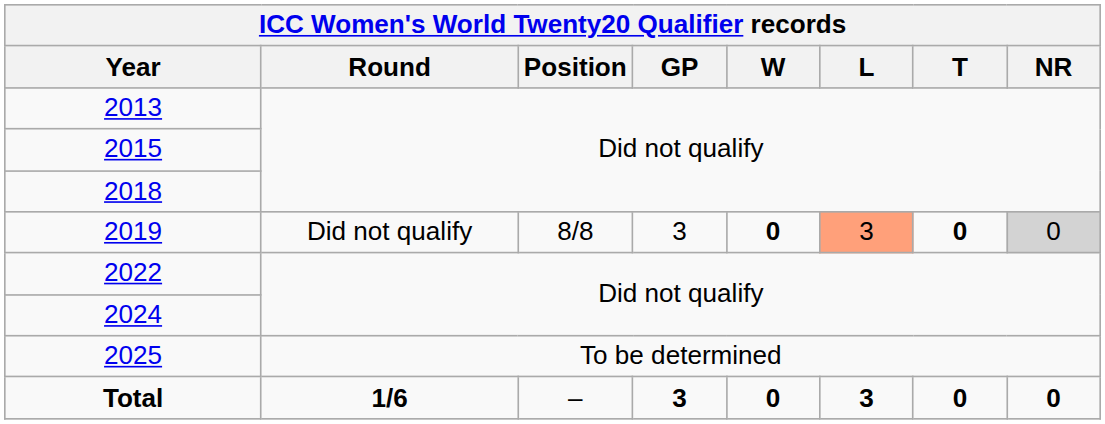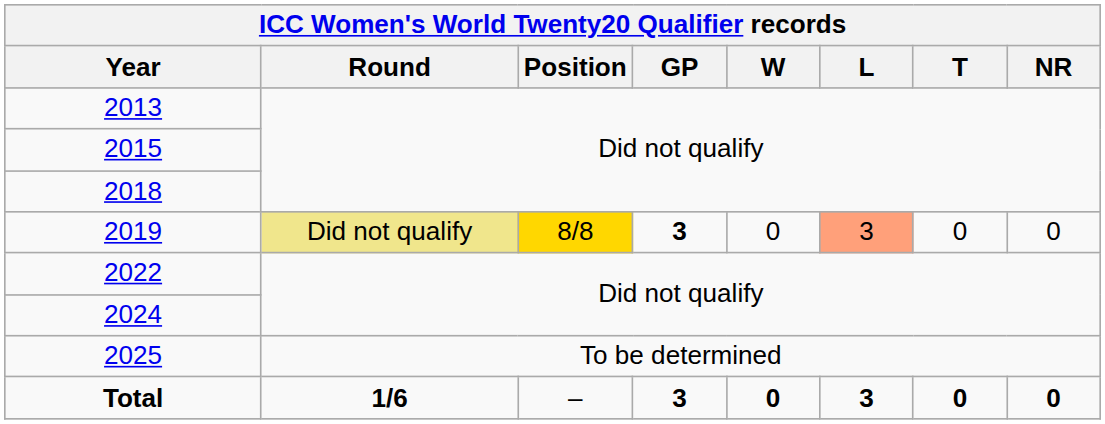 <table class="wikitable" style="text-align: center; width=900px;">
 <tr>
 <th colspan=9><a href='#'>ICC Women's World Twenty20 Qualifier</a> records</th>
 </tr>
 <tr>
 <th width=150>Year</th>
 <th width=150>Round</th>
 <th width=50>Position</th>
 <th width=50>GP</th>
 <th width=50>W</th>
 <th width=50>L</th>
 <th width=50>T</th>
 <th width=50>NR</th>
 </tr>
 <tr>
 <td> <a href='#'>2013</a></td>
 <td colspan=8 rowspan=3>Did not qualify</td>
 </tr>
 <tr>
 <td> <a href='#'>2015</a></td>
 </tr>
 <tr>
 <td> <a href='#'>2018</a></td>
 </tr>
 <tr>
 <td> <a href='#'>2019</a></td>
-<td>Did not qualify</td>
-<td>8/8</td>
-<td>3</td>
-<td><strong>0</strong></td>
+<td style="background: khaki;">Did not qualify</td>
+<td style="background: gold;">8/8</td>
+<td><strong>3</strong></td>
+<td>0</td>
 <td style="background: lightsalmon;">3</td>
-<td><strong>0</strong></td>
-<td style="background: lightgrey;">0</td>
+<td>0</td>
+<td>0</td>
 </tr>
 <tr>
 <td> <a href='#'>2022</a></td>
 <td colspan=8 rowspan=2>Did not qualify</td>
 </tr>
 <tr>
 <td> <a href='#'>2024</a></td>
 </tr>
 <tr>
 <td> <a href='#'>2025</a></td>
 <td colspan=8>To be determined</td>
 </tr>
 <tr>
 <td><strong>Total</strong></td>
 <td><strong>1/6</strong></td>
 <td>–</td>
 <td><strong>3</strong></td>
 <td><strong>0</strong></td>
 <td><strong>3</strong></td>
 <td><strong>0</strong></td>
 <td><strong>0</strong></td>
 </tr>
 </table>
